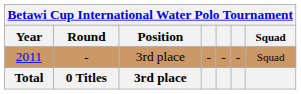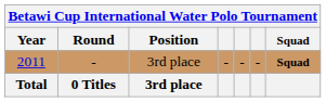 <table class="wikitable" style="text-align: center;">
 <tr>
 <th colspan=9><a href='#'>Betawi Cup International Water Polo Tournament</a></th>
 </tr>
 <tr>
 <th>Year</th>
 <th>Round</th>
 <th>Position</th>
 <th></th>
 <th></th>
 <th></th>
 <th><small>Squad</small></th>
 </tr>
 <tr bgcolor=cc9966>
 <td> <a href='#'>2011</a></td>
 <td>-</td>
 <td>3rd place</td>
 <td>-</td>
 <td>-</td>
 <td>-</td>
-<td><small>Squad</small></td>
+<td><strong><small>Squad</small></strong></td>
 </tr>
 <tr>
 <th>Total</th>
 <th>0 Titles</th>
 <th><strong>3rd place</strong></th>
 <th></th>
 <th></th>
 <th></th>
 <th></th>
 </tr>
 </table>
